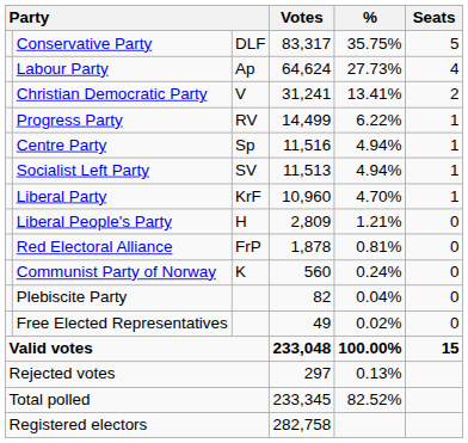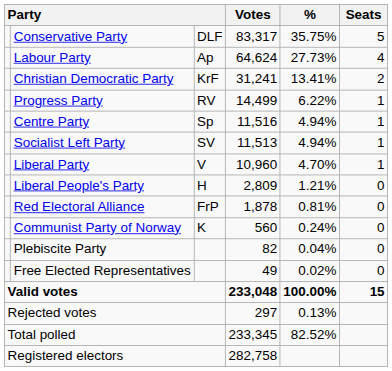 <table class="wikitable" border="1" style="text-align:right;">
 <tr>
 <th style="text-align:left;" colspan=3>Party</th>
 <th align=center width="50">Votes</th>
 <th align=center width="50">%</th>
 <th align=center width="50">Seats</th>
 </tr>
 <tr>
 <td style="color:inherit;background:"></td>
 <td align=left><a href='#'>Conservative Party</a></td>
 <td align=left>DLF</td>
 <td>83,317</td>
 <td>35.75%</td>
 <td>5</td>
 </tr>
 <tr>
 <td style="color:inherit;background:"></td>
 <td align=left><a href='#'>Labour Party</a></td>
 <td align=left>Ap</td>
 <td>64,624</td>
 <td>27.73%</td>
 <td>4</td>
 </tr>
 <tr>
 <td style="color:inherit;background:"></td>
 <td align=left><a href='#'>Christian Democratic Party</a></td>
-<td align=left>V</td>
+<td align=left>KrF</td>
 <td>31,241</td>
 <td>13.41%</td>
 <td>2</td>
 </tr>
 <tr>
 <td style="color:inherit;background:"></td>
 <td align=left><a href='#'>Progress Party</a></td>
 <td align=left>RV</td>
 <td>14,499</td>
 <td>6.22%</td>
 <td>1</td>
 </tr>
 <tr>
 <td style="color:inherit;background:"></td>
 <td align=left><a href='#'>Centre Party</a></td>
 <td align=left>Sp</td>
 <td>11,516</td>
 <td>4.94%</td>
 <td>1</td>
 </tr>
 <tr>
 <td style="color:inherit;background:"></td>
 <td align=left><a href='#'>Socialist Left Party</a></td>
 <td align=left>SV</td>
 <td>11,513</td>
 <td>4.94%</td>
 <td>1</td>
 </tr>
 <tr>
 <td style="color:inherit;background:"></td>
 <td align=left><a href='#'>Liberal Party</a></td>
-<td align=left>KrF</td>
+<td align=left>V</td>
 <td>10,960</td>
 <td>4.70%</td>
 <td>1</td>
 </tr>
 <tr>
 <td style="color:inherit;background:"></td>
 <td align=left><a href='#'>Liberal People's Party</a></td>
 <td align=left>H</td>
 <td>2,809</td>
 <td>1.21%</td>
 <td>0</td>
 </tr>
 <tr>
 <td style="color:inherit;background:"></td>
 <td align=left><a href='#'>Red Electoral Alliance</a></td>
 <td align=left>FrP</td>
 <td>1,878</td>
 <td>0.81%</td>
 <td>0</td>
 </tr>
 <tr>
 <td style="color:inherit;background:"></td>
 <td align=left><a href='#'>Communist Party of Norway</a></td>
 <td align=left>K</td>
 <td>560</td>
 <td>0.24%</td>
 <td>0</td>
 </tr>
 <tr>
 <td></td>
 <td align=left>Plebiscite Party</td>
 <td align=left></td>
 <td>82</td>
 <td>0.04%</td>
 <td>0</td>
 </tr>
 <tr>
 <td></td>
 <td align=left>Free Elected Representatives</td>
 <td align=left></td>
 <td>49</td>
 <td>0.02%</td>
 <td>0</td>
 </tr>
 <tr style="font-weight:bold">
 <td align=left colspan=3>Valid votes</td>
 <td>233,048</td>
 <td>100.00%</td>
 <td>15</td>
 </tr>
 <tr>
 <td align=left colspan=3>Rejected votes</td>
 <td>297</td>
 <td>0.13%</td>
 <td></td>
 </tr>
 <tr>
 <td align=left colspan=3>Total polled</td>
 <td>233,345</td>
 <td>82.52%</td>
 <td></td>
 </tr>
 <tr>
 <td align=left colspan=3>Registered electors</td>
 <td>282,758</td>
 <td></td>
 <td></td>
 </tr>
 </table>
